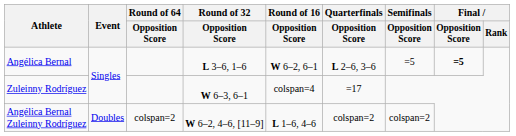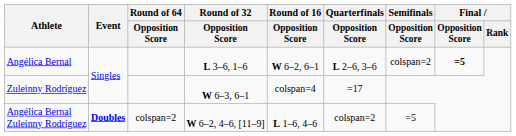 <table class=wikitable style="font-size:90%">
 <tr>
 <th rowspan="2">Athlete</th>
 <th rowspan="2">Event</th>
 <th>Round of 64</th>
 <th>Round of 32</th>
 <th>Round of 16</th>
 <th>Quarterfinals</th>
 <th>Semifinals</th>
 <th colspan=2>Final / </th>
 </tr>
 <tr style="font-size:95%">
 <th>Opposition<br>Score</th>
 <th>Opposition<br>Score</th>
 <th>Opposition<br>Score</th>
 <th>Opposition<br>Score</th>
 <th>Opposition<br>Score</th>
 <th>Opposition<br>Score</th>
 <th>Rank</th>
 </tr>
 <tr style="text-align:center">
 <td style="text-align:left"><a href='#'>Angélica Bernal</a></td>
 <td style="text-align:left" rowspan=2><a href='#'>Singles</a></td>
 <td></td>
 <td><br><strong>L</strong> 3–6, 1–6</td>
 <td><br><strong>W</strong> 6–2, 6–1</td>
 <td><br><strong>L</strong> 2–6, 3–6</td>
-<td>=5</td>
+<td>colspan=2 </td>
 <td><strong>=5</strong></td>
 </tr>
 <tr style="text-align:center">
 <td style="text-align:left"><a href='#'>Zuleinny Rodríguez</a></td>
 <td></td>
 <td><br><strong>W</strong> 6–3, 6–1</td>
 <td>colspan=4 </td>
 <td>=17</td>
 </tr>
 <tr style="text-align:center">
 <td style="text-align:left"><a href='#'>Angélica Bernal</a><br><a href='#'>Zuleinny Rodríguez</a></td>
-<td style="text-align:left"><a href='#'>Doubles</a></td>
+<td style="text-align:left"><strong><a href='#'>Doubles</a></strong></td>
 <td>colspan=2</td>
 <td><br><strong>W</strong> 6–2, 4–6, [11–9]</td>
 <td><br><strong>L</strong> 1–6, 4–6</td>
 <td>colspan=2 </td>
-<td>colspan=2 </td>
+<td>=5</td>
 </tr>
 </table>
